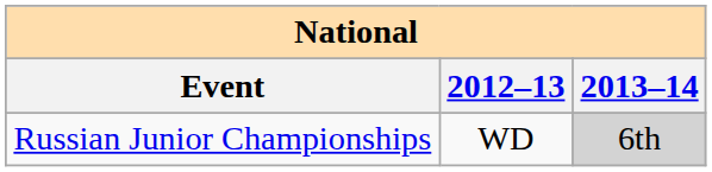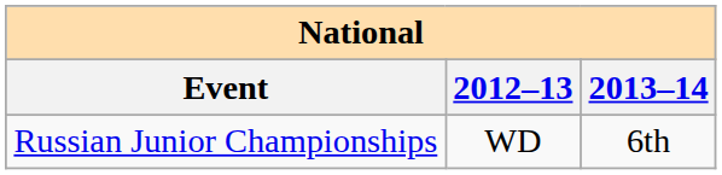 <table class="wikitable" style="text-align:center">
 <tr>
 <th style="background-color: #ffdead; " colspan=3 align=center><strong>National</strong></th>
 </tr>
 <tr>
 <th>Event</th>
 <th><a href='#'>2012–13</a></th>
 <th><a href='#'>2013–14</a></th>
 </tr>
 <tr>
 <td align=left><a href='#'>Russian Junior Championships</a></td>
 <td>WD</td>
-<td style="background: lightgrey;">6th</td>
+<td>6th</td>
 </tr>
 </table>
